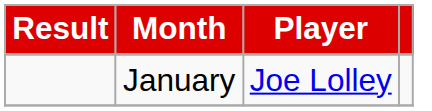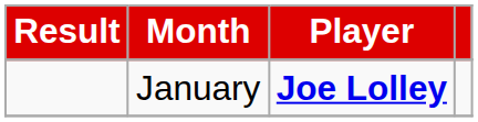 <table class="wikitable" style="text-align:left">
 <tr>
 <th style="background:#DD0000; color:#FFFFFF;">Result</th>
 <th style="background:#DD0000; color:#FFFFFF;">Month</th>
 <th style="background:#DD0000;color:#FFFFFF;">Player</th>
 <th style="background:#DD0000; color:#FFFFFF;"></th>
 </tr>
 <tr>
 </tr>
 <tr>
 <td></td>
 <td>January</td>
-<td> <a href='#'>Joe Lolley</a></td>
+<td><strong> <a href='#'>Joe Lolley</a></strong></td>
 <td></td>
 </tr>
 <tr>
 </tr>
 </table>
